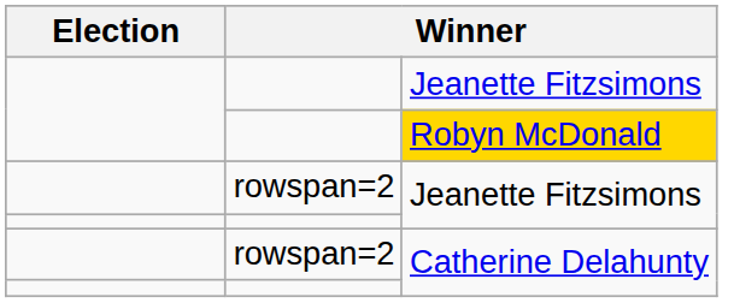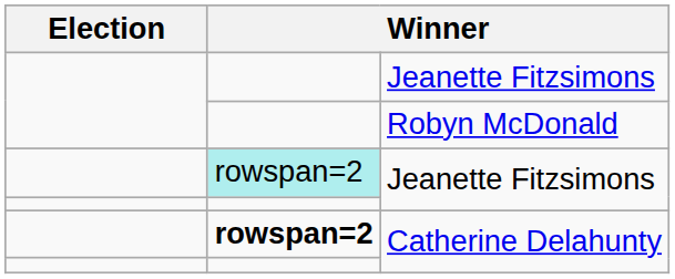 <table class=wikitable>
 <tr>
 <th width=100>Election</th>
 <th width=175 colspan=2>Winner</th>
 </tr>
 <tr>
 <td rowspan=2></td>
 <td></td>
 <td><a href='#'>Jeanette Fitzsimons</a></td>
 </tr>
 <tr>
 <td></td>
-<td style="background: gold;"><a href='#'>Robyn McDonald</a></td>
+<td><a href='#'>Robyn McDonald</a></td>
 </tr>
 <tr>
 <td></td>
-<td>rowspan=2 </td>
+<td style="background: paleturquoise;">rowspan=2 </td>
 <td rowspan=2>Jeanette Fitzsimons</td>
 </tr>
 <tr>
 <td></td>
 </tr>
 <tr>
 <td></td>
-<td>rowspan=2 </td>
+<td><strong>rowspan=2 </strong></td>
 <td rowspan=2><a href='#'>Catherine Delahunty</a></td>
 </tr>
 <tr>
 <td></td>
 </tr>
 </table>
